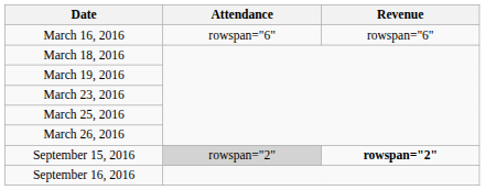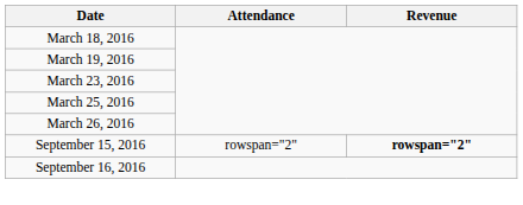 <table class="wikitable plainrowheaders" style="text-align:center;">
 <tr>
 <th scope="col" style="width:12em;">Date</th>
 <th scope="col" style="width:12em;">Attendance</th>
 <th scope="col" style="width:12em;">Revenue</th>
-</tr>
-<tr>
-<td>March 16, 2016</td>
-<td>rowspan="6" </td>
-<td>rowspan="6" </td>
 </tr>
 <tr>
 <td>March 18, 2016</td>
 </tr>
 <tr>
 <td>March 19, 2016</td>
 </tr>
 <tr>
 <td>March 23, 2016</td>
 </tr>
 <tr>
 <td>March 25, 2016</td>
 </tr>
 <tr>
 <td>March 26, 2016</td>
 </tr>
 <tr>
 <td>September 15, 2016</td>
-<td style="background: lightgrey;">rowspan="2" </td>
+<td>rowspan="2" </td>
 <td><strong>rowspan="2" </strong></td>
 </tr>
 <tr>
 <td>September 16, 2016</td>
 </tr>
 </table>
